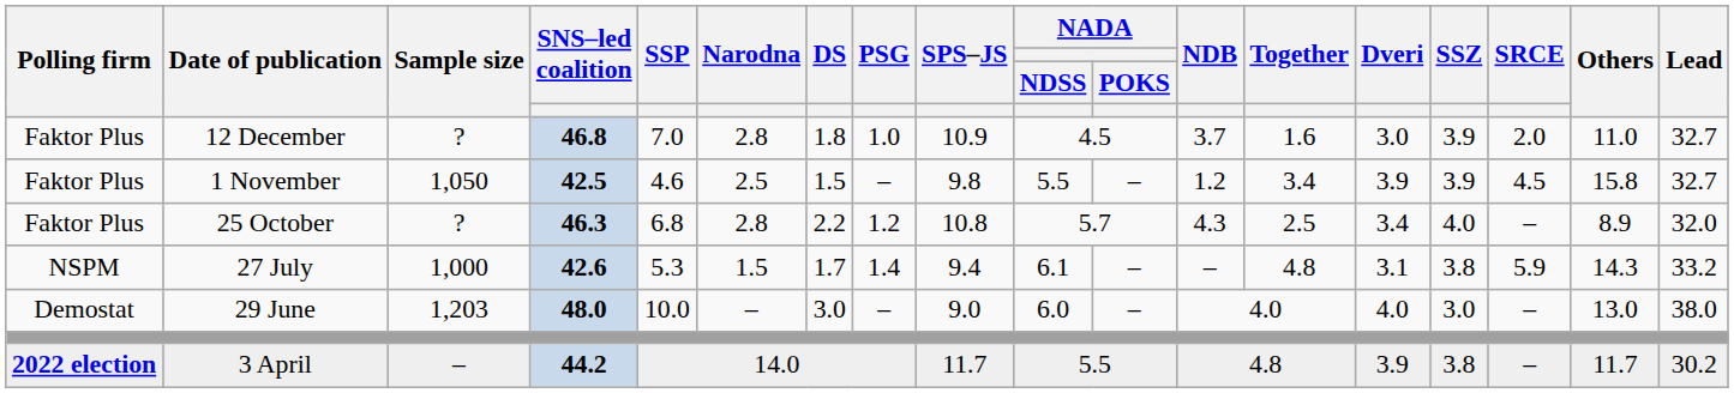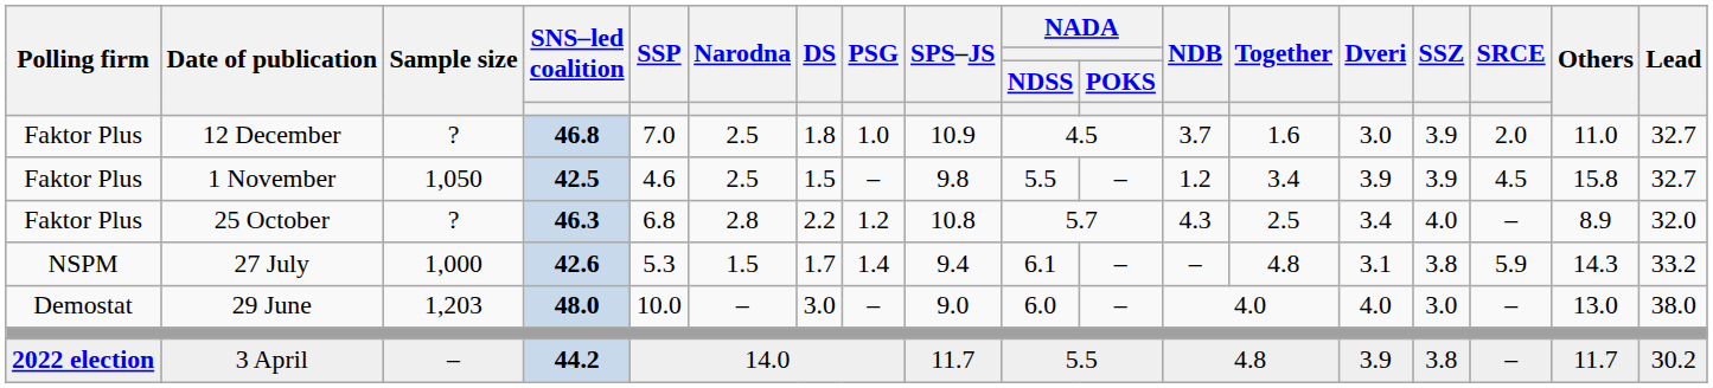 <table class="wikitable" style="text-align:center; font-size:85%; line-height:16px; margin-bottom:0">
 <tr>
 <th rowspan="4">Polling firm</th>
 <th rowspan="4">Date of publication</th>
 <th rowspan="4">Sample size</th>
 <th rowspan="3"><a href='#'>SNS–led<br>coalition</a></th>
 <th rowspan="3"><a href='#'>SSP</a></th>
 <th rowspan="3"><a href='#'>Narodna</a></th>
 <th rowspan="3"><a href='#'>DS</a></th>
 <th rowspan="3"><a href='#'>PSG</a></th>
 <th rowspan="3"><a href='#'>SPS</a>–<a href='#'>JS</a></th>
 <th colspan="2"><a href='#'>NADA</a></th>
 <th rowspan="3"><a href='#'>NDB</a></th>
 <th rowspan="3"><a href='#'>Together</a></th>
 <th rowspan="3"><a href='#'>Dveri</a></th>
 <th rowspan="3"><a href='#'>SSZ</a></th>
 <th rowspan="3"><a href='#'>SRCE</a></th>
 <th rowspan="4">Others</th>
 <th rowspan="4">Lead</th>
 </tr>
 <tr>
 <th colspan="2" style="background:"></th>
 </tr>
 <tr>
 <th><a href='#'>NDSS</a></th>
 <th><a href='#'>POKS</a></th>
 </tr>
 <tr>
 <th style="background:"></th>
 <th style="background:"></th>
 <th style="background:"></th>
 <th style="background:"></th>
 <th style="background:"></th>
 <th style="background:"></th>
 <th style="background:"></th>
 <th style="background:"></th>
 <th style="background:"></th>
 <th style="background:"></th>
 <th style="background:"></th>
 <th style="background:"></th>
 <th style="background:"></th>
 </tr>
 <tr>
 <td>Faktor Plus</td>
 <td>12 December</td>
 <td>?</td>
 <td style="background:#C8D9EC"><strong>46.8</strong></td>
 <td>7.0</td>
-<td>2.8</td>
+<td>2.5</td>
 <td>1.8</td>
 <td>1.0</td>
 <td>10.9</td>
 <td colspan="2">4.5</td>
 <td>3.7</td>
 <td>1.6</td>
 <td>3.0</td>
 <td>3.9</td>
 <td>2.0</td>
 <td>11.0</td>
 <td style="background:">32.7</td>
 </tr>
 <tr>
 <td>Faktor Plus</td>
 <td>1 November</td>
 <td>1,050</td>
 <td style="background:#C8D9EC"><strong>42.5</strong></td>
 <td>4.6</td>
 <td>2.5</td>
 <td>1.5</td>
 <td>–</td>
 <td>9.8</td>
 <td>5.5</td>
 <td>–</td>
 <td>1.2</td>
 <td>3.4</td>
 <td>3.9</td>
 <td>3.9</td>
 <td>4.5</td>
 <td>15.8</td>
 <td style="background:">32.7</td>
 </tr>
 <tr>
 <td>Faktor Plus</td>
 <td>25 October</td>
 <td>?</td>
 <td style="background:#C8D9EC"><strong>46.3</strong></td>
 <td>6.8</td>
 <td>2.8</td>
 <td>2.2</td>
 <td>1.2</td>
 <td>10.8</td>
 <td colspan="2">5.7</td>
 <td>4.3</td>
 <td>2.5</td>
 <td>3.4</td>
 <td>4.0</td>
 <td>–</td>
 <td>8.9</td>
 <td style="background:">32.0</td>
 </tr>
 <tr>
 <td>NSPM</td>
 <td>27 July</td>
 <td>1,000</td>
 <td style="background:#C8D9EC"><strong>42.6</strong></td>
 <td>5.3</td>
 <td>1.5</td>
 <td>1.7</td>
 <td>1.4</td>
 <td>9.4</td>
 <td>6.1</td>
 <td>–</td>
 <td>–</td>
 <td>4.8</td>
 <td>3.1</td>
 <td>3.8</td>
 <td>5.9</td>
 <td>14.3</td>
 <td style="background:">33.2</td>
 </tr>
 <tr>
 <td>Demostat</td>
 <td>29 June</td>
 <td>1,203</td>
 <td style="background:#C8D9EC"><strong>48.0</strong></td>
 <td>10.0</td>
 <td>–</td>
 <td>3.0</td>
 <td>–</td>
 <td>9.0</td>
 <td>6.0</td>
 <td>–</td>
 <td colspan="2">4.0</td>
 <td>4.0</td>
 <td>3.0</td>
 <td>–</td>
 <td>13.0</td>
 <td style="background:">38.0</td>
 </tr>
 <tr>
 <td colspan="18" style="background:#A0A0A0"></td>
 </tr>
 <tr style="background:#EFEFEF">
 <td><strong><a href='#'>2022 election</a></strong></td>
 <td>3 April</td>
 <td>–</td>
 <td style="background:#C8D9EC"><strong>44.2</strong></td>
 <td colspan="4">14.0</td>
 <td>11.7</td>
 <td colspan="2">5.5</td>
 <td colspan="2">4.8</td>
 <td>3.9</td>
 <td>3.8</td>
 <td>–</td>
 <td>11.7</td>
 <td style="background:">30.2</td>
 </tr>
 </table>
